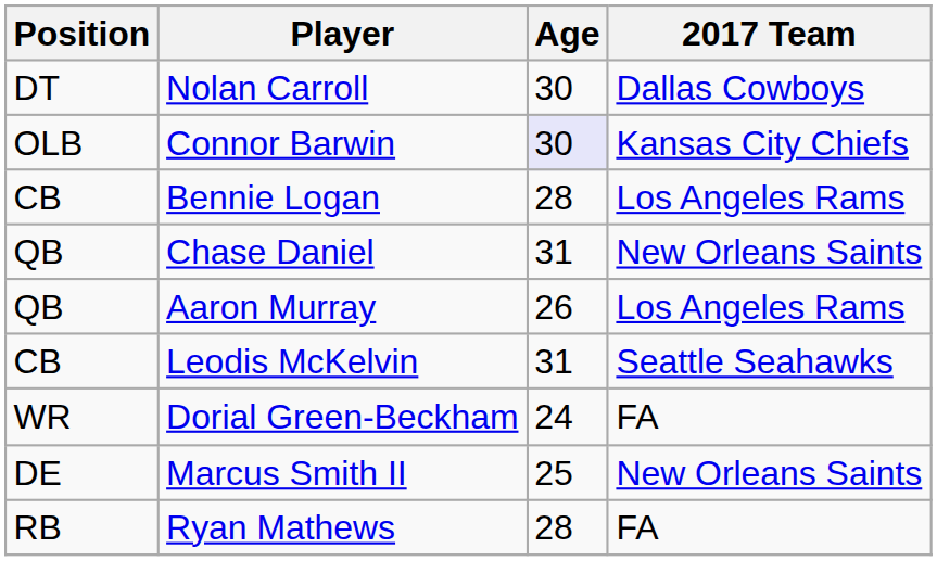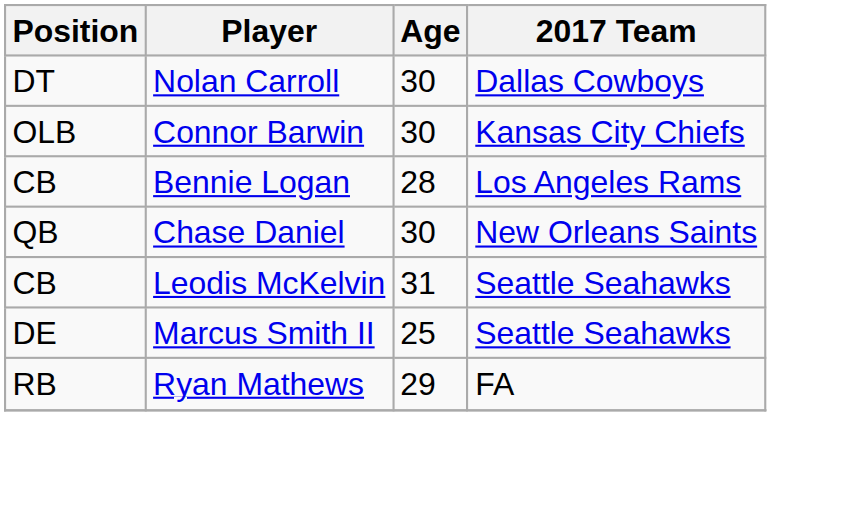 <table class="wikitable" style="font-size: 95%; text-align: left">
 <tr>
 <th>Position</th>
 <th>Player</th>
 <th>Age</th>
 <th>2017 Team</th>
 </tr>
 <tr>
 <td>DT</td>
 <td><a href='#'>Nolan Carroll</a></td>
 <td>30</td>
 <td><a href='#'>Dallas Cowboys</a></td>
 </tr>
 <tr>
 <td>OLB</td>
 <td><a href='#'>Connor Barwin</a></td>
-<td style="background: lavender;">30</td>
+<td>30</td>
 <td><a href='#'>Kansas City Chiefs</a></td>
 </tr>
 <tr>
 <td>CB</td>
 <td><a href='#'>Bennie Logan</a></td>
 <td>28</td>
 <td><a href='#'>Los Angeles Rams</a></td>
 </tr>
 <tr>
 <td>QB</td>
 <td><a href='#'>Chase Daniel</a></td>
-<td>31</td>
+<td>30</td>
 <td><a href='#'>New Orleans Saints</a></td>
-</tr>
-<tr>
-<td>QB</td>
-<td><a href='#'>Aaron Murray</a></td>
-<td>26</td>
-<td><a href='#'>Los Angeles Rams</a></td>
 </tr>
 <tr>
 <td>CB</td>
 <td><a href='#'>Leodis McKelvin</a></td>
 <td>31</td>
 <td><a href='#'>Seattle Seahawks</a></td>
 </tr>
 <tr>
-<td>WR</td>
-<td><a href='#'>Dorial Green-Beckham</a></td>
-<td>24</td>
-<td>FA</td>
-</tr>
-<tr>
 <td>DE</td>
 <td><a href='#'>Marcus Smith II</a></td>
 <td>25</td>
-<td><a href='#'>New Orleans Saints</a></td>
+<td><a href='#'>Seattle Seahawks</a></td>
 </tr>
 <tr>
 <td>RB</td>
 <td><a href='#'>Ryan Mathews</a></td>
-<td>28</td>
+<td>29</td>
 <td>FA</td>
 </tr>
 <tr>
 </tr>
 </table>
